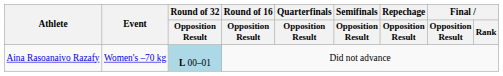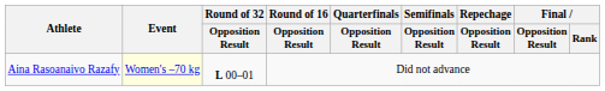 <table class="wikitable" style="font-size:90%">
 <tr>
 <th rowspan="2">Athlete</th>
 <th rowspan="2">Event</th>
 <th>Round of 32</th>
 <th>Round of 16</th>
 <th>Quarterfinals</th>
 <th>Semifinals</th>
 <th>Repechage</th>
 <th colspan=2>Final / </th>
 </tr>
 <tr style="font-size:95%">
 <th>Opposition<br>Result</th>
 <th>Opposition<br>Result</th>
 <th>Opposition<br>Result</th>
 <th>Opposition<br>Result</th>
 <th>Opposition<br>Result</th>
 <th>Opposition<br>Result</th>
 <th>Rank</th>
 </tr>
 <tr align=center>
 <td align=left><a href='#'>Aina Rasoanaivo Razafy</a></td>
-<td align=left><a href='#'>Women's –70 kg</a></td>
-<td style="background: lightblue;"><br><strong>L</strong> 00–01</td>
+<td align=left style="background: lightyellow;"><a href='#'>Women's –70 kg</a></td>
+<td><br><strong>L</strong> 00–01</td>
 <td colspan=6>Did not advance</td>
 </tr>
 </table>
